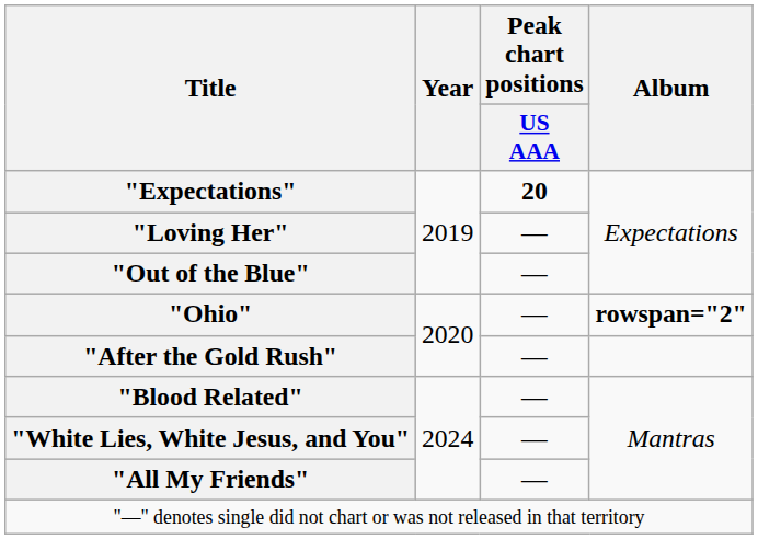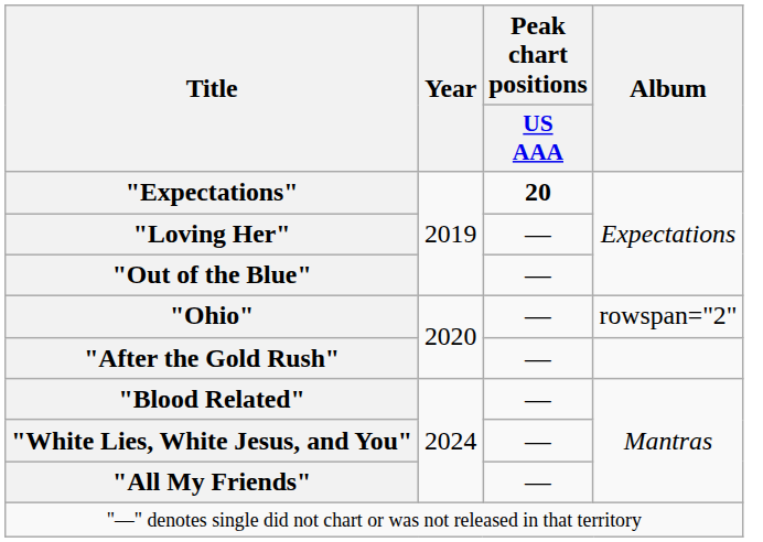 <table class="wikitable plainrowheaders" style="text-align:center;">
 <tr>
 <th scope="col" rowspan="2">Title</th>
 <th scope="col" rowspan="2">Year</th>
 <th scope="col">Peak chart positions</th>
 <th scope="col" rowspan="2">Album</th>
 </tr>
 <tr>
 <th scope="col" style="width:3em;font-size:90%;"><a href='#'>US<br>AAA</a><br></th>
 </tr>
 <tr>
 <th scope="row">"Expectations"</th>
 <td rowspan="3">2019</td>
 <td><strong>20</strong></td>
 <td rowspan="3"><em>Expectations</em></td>
 </tr>
 <tr>
 <th scope="row">"Loving Her"</th>
 <td>—</td>
 </tr>
 <tr>
 <th scope="row">"Out of the Blue"</th>
 <td>—</td>
 </tr>
 <tr>
 <th scope="row">"Ohio"</th>
 <td rowspan="2">2020</td>
 <td>—</td>
-<td><strong>rowspan="2" </strong></td>
+<td>rowspan="2" </td>
 </tr>
 <tr>
 <th scope="row">"After the Gold Rush"</th>
 <td>—</td>
 </tr>
 <tr>
 <th scope="row">"Blood Related"</th>
 <td rowspan="3">2024</td>
 <td>—</td>
 <td rowspan="3"><em>Mantras</em></td>
 </tr>
 <tr>
 <th scope="row">"White Lies, White Jesus, and You"</th>
 <td>—</td>
 </tr>
 <tr>
 <th scope="row">"All My Friends"</th>
 <td>—</td>
 </tr>
 <tr>
 <td colspan="4" style="font-size:9pt">"—" denotes single did not chart or was not released in that territory</td>
 </tr>
 </table>
